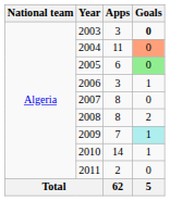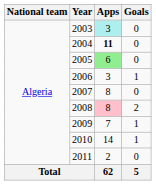 <table class="wikitable" style="text-align:center">
 <tr>
 <th>National team</th>
 <th>Year</th>
 <th>Apps</th>
 <th>Goals</th>
 </tr>
 <tr>
 <td rowspan="9"><a href='#'>Algeria</a></td>
 <td>2003</td>
-<td>3</td>
-<td><strong>0</strong></td>
+<td style="background: paleturquoise;">3</td>
+<td>0</td>
 </tr>
 <tr>
 <td>2004</td>
-<td>11</td>
-<td style="background: lightsalmon;">0</td>
+<td><strong>11</strong></td>
+<td>0</td>
 </tr>
 <tr>
 <td>2005</td>
-<td>6</td>
-<td style="background: lightgreen;">0</td>
+<td style="background: lightgreen;">6</td>
+<td>0</td>
 </tr>
 <tr>
 <td>2006</td>
 <td>3</td>
 <td>1</td>
 </tr>
 <tr>
 <td>2007</td>
 <td>8</td>
 <td>0</td>
 </tr>
 <tr>
 <td>2008</td>
-<td>8</td>
+<td style="background: pink;">8</td>
 <td>2</td>
 </tr>
 <tr>
 <td>2009</td>
 <td>7</td>
-<td style="background: paleturquoise;">1</td>
+<td>1</td>
 </tr>
 <tr>
 <td>2010</td>
 <td>14</td>
 <td>1</td>
 </tr>
 <tr>
 <td>2011</td>
 <td>2</td>
 <td>0</td>
 </tr>
 <tr>
 <th colspan="2">Total</th>
 <th>62</th>
 <th>5</th>
 </tr>
 </table>
